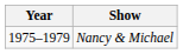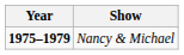 <table class="wikitable">
 <tr>
 <th>Year</th>
 <th>Show</th>
 </tr>
 <tr>
-<td>1975–1979</td>
+<td><strong>1975–1979</strong></td>
 <td><em>Nancy & Michael</em></td>
 </tr>
 </table>
